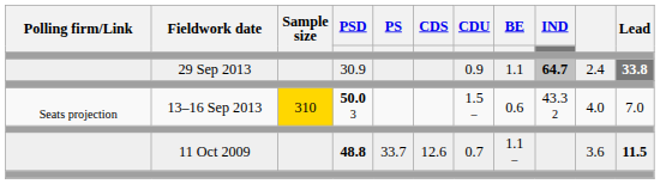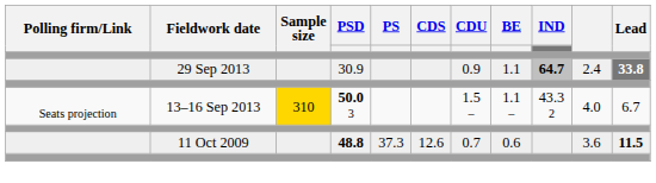 <table class="wikitable collapsible sortable" style="text-align:center; font-size:95%; line-height:16px;">
 <tr style="height:42px;">
 <th style="width:145px;" rowspan="2">Polling firm/Link</th>
 <th style="width:125px;" rowspan="2">Fieldwork date</th>
 <th class="unsortable" style="width:50px;" rowspan="2">Sample size</th>
 <th class="unsortable" style="width:35px;"><a href='#'>PSD</a></th>
 <th class="unsortable" style="width:35px;"><a href='#'>PS</a></th>
 <th class="unsortable" style="width:35px;"><a href='#'>CDS</a></th>
 <th class="unsortable" style="width:35px;"><a href='#'>CDU</a></th>
 <th class="unsortable" style="width:35px;"><a href='#'>BE</a></th>
 <th class="unsortable" style="width:35px;"><a href='#'>IND</a></th>
 <th class="unsortable" style="width:35px;" rowspan="2"></th>
 <th class="unsortable" style="width:30px;" rowspan="2">Lead</th>
 </tr>
 <tr>
 <th class="unsortable" style="color:inherit;background:"></th>
 <th class="unsortable" style="color:inherit;background:"></th>
 <th class="unsortable" style="color:inherit;background:"></th>
 <th class="unsortable" style="color:inherit;background:"></th>
 <th class="unsortable" style="color:inherit;background:"></th>
 <th class="unsortable" style="color:inherit;background:#777777;"></th>
 </tr>
 <tr>
 <td colspan="13" style="background:#A0A0A0"></td>
 </tr>
 <tr style="background:#EFEFEF;">
 <td><strong></strong></td>
 <td data-sort-value="2019-10-06">29 Sep 2013</td>
 <td></td>
 <td>30.9<br></td>
 <td></td>
 <td></td>
 <td>0.9<br></td>
 <td>1.1<br></td>
 <td style="background:#C0C0C0"><strong>64.7</strong><br></td>
 <td>2.4</td>
 <td style="background:#777777; color:white;"><strong>33.8</strong></td>
 </tr>
 <tr>
 <td colspan="13" style="background:#A0A0A0"></td>
 </tr>
 <tr>
 <td align="center"><br><small>Seats projection</small></td>
 <td align="center">13–16 Sep 2013</td>
 <td style="background: gold;">310</td>
 <td align="center" ><strong>50.0</strong><br><small> 3 </small></td>
 <td></td>
 <td></td>
 <td align="center">1.5<br><small> – </small></td>
-<td>0.6<br></td>
+<td align="center">1.1<br><small> – </small></td>
 <td align="center">43.3<br><small> 2 </small></td>
 <td align="center">4.0</td>
-<td style="background:">7.0</td>
+<td style="background:">6.7</td>
 </tr>
 <tr>
 <td colspan="13" style="background:#A0A0A0"></td>
 </tr>
 <tr style="background:#EFEFEF;">
 <td><strong></strong></td>
 <td data-sort-value="2019-10-06">11 Oct 2009</td>
 <td></td>
 <td><strong>48.8</strong><br></td>
-<td>33.7<br></td>
+<td>37.3<br></td>
 <td>12.6<br></td>
 <td>0.7<br></td>
-<td align="center">1.1<br><small> – </small></td>
+<td>0.6<br></td>
 <td></td>
 <td>3.6</td>
 <td style="background:"><strong>11.5</strong></td>
 </tr>
 <tr>
 <td colspan="13" style="background:#A0A0A0"></td>
 </tr>
 <tr>
 </tr>
 </table>
